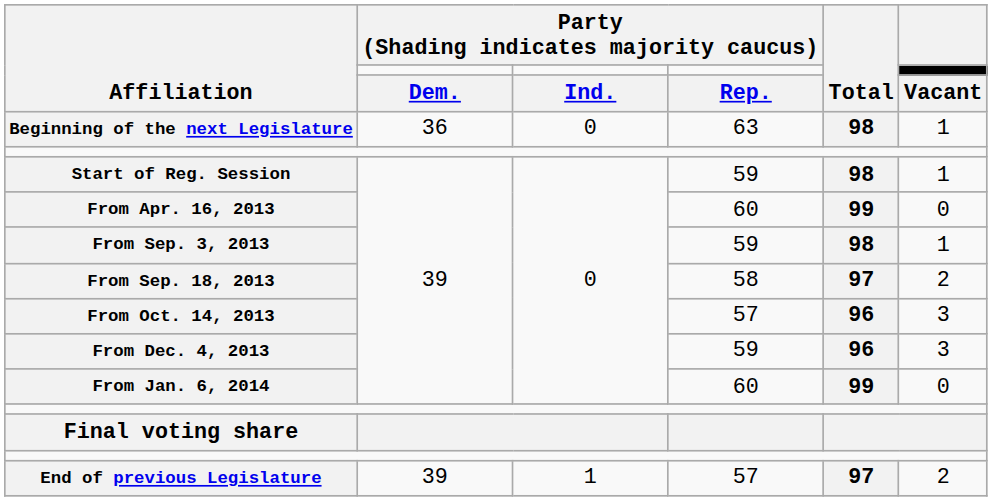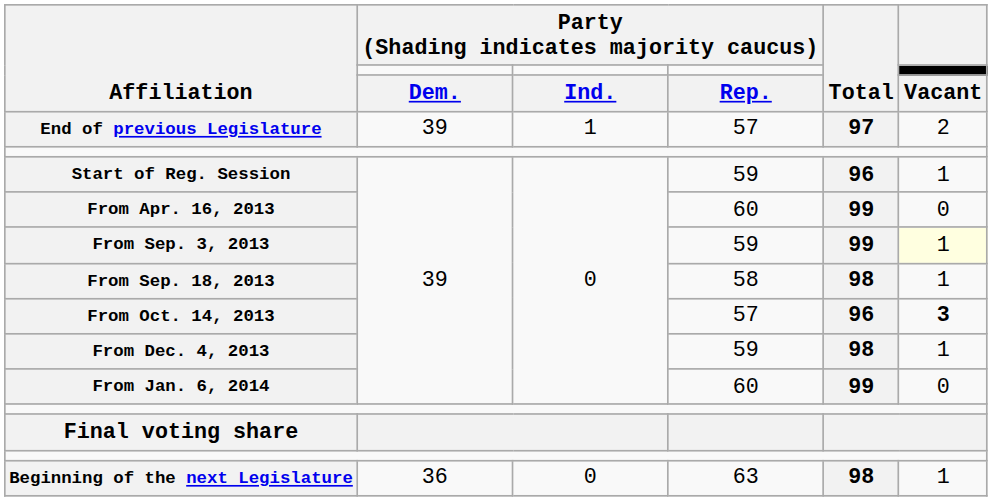 <table class=wikitable style="text-align:center">
 <tr style="vertical-align:bottom;">
 <th rowspan=3>Affiliation</th>
 <th colspan=3>Party <div>(Shading indicates majority caucus)</div></th>
 <th rowspan=3>Total</th>
 <th></th>
 </tr>
 <tr style="height:5px">
 <td style="background-color:"></td>
 <td style="background-color:"></td>
 <td style="background-color:"></td>
 <td style="background-color:black"></td>
 </tr>
 <tr>
 <th><a href='#'>Dem.</a></th>
 <th><a href='#'>Ind.</a></th>
 <th><a href='#'>Rep.</a></th>
 <th>Vacant</th>
 </tr>
 <tr>
-<th style="white-space:nowrap; font-size:80%;">Beginning of the <a href='#'>next Legislature</a></th>
-<td>36</td>
-<td>0</td>
-<td>63</td>
-<th>98</th>
+<th nowrap style="font-size:80%">End of <a href='#'>previous Legislature</a></th>
+<td>39</td>
 <td>1</td>
+<td>57</td>
+<th>97</th>
+<td>2</td>
 </tr>
 <tr>
 <td colspan=6></td>
 </tr>
 <tr>
 <th nowrap style="font-size:80%">Start of Reg. Session</th>
 <td rowspan="7">39</td>
 <td rowspan="7">0</td>
 <td>59</td>
-<th>98</th>
+<th>96</th>
 <td>1</td>
 </tr>
 <tr>
 <th style="font-size:80%;">From Apr. 16, 2013</th>
 <td>60</td>
 <th>99</th>
 <td>0</td>
 </tr>
 <tr>
 <th style="font-size:80%;">From Sep. 3, 2013</th>
 <td>59</td>
-<th>98</th>
-<td>1</td>
+<th>99</th>
+<td style="background: lightyellow;">1</td>
 </tr>
 <tr>
 <th style="font-size:80%;">From Sep. 18, 2013</th>
 <td>58</td>
-<th>97</th>
-<td>2</td>
+<th>98</th>
+<td>1</td>
 </tr>
 <tr>
 <th style="font-size:80%;">From Oct. 14, 2013</th>
 <td>57</td>
 <th>96</th>
-<td>3</td>
+<td><strong>3</strong></td>
 </tr>
 <tr>
 <th style="font-size:80%;">From Dec. 4, 2013</th>
 <td>59</td>
-<th>96</th>
-<td>3</td>
+<th>98</th>
+<td>1</td>
 </tr>
 <tr>
 <th style="font-size:80%;">From Jan. 6, 2014</th>
 <td>60</td>
 <th>99</th>
 <td>0</td>
 </tr>
 <tr>
 <td colspan=6></td>
 </tr>
 <tr>
 <th>Final voting share</th>
 <th colspan=2></th>
 <th></th>
 <th colspan=2></th>
 </tr>
 <tr>
 <td colspan=6></td>
 </tr>
 <tr>
-<th nowrap style="font-size:80%">End of <a href='#'>previous Legislature</a></th>
-<td>39</td>
+<th style="white-space:nowrap; font-size:80%;">Beginning of the <a href='#'>next Legislature</a></th>
+<td>36</td>
+<td>0</td>
+<td>63</td>
+<th>98</th>
 <td>1</td>
-<td>57</td>
-<th>97</th>
-<td>2</td>
 </tr>
 </table>
